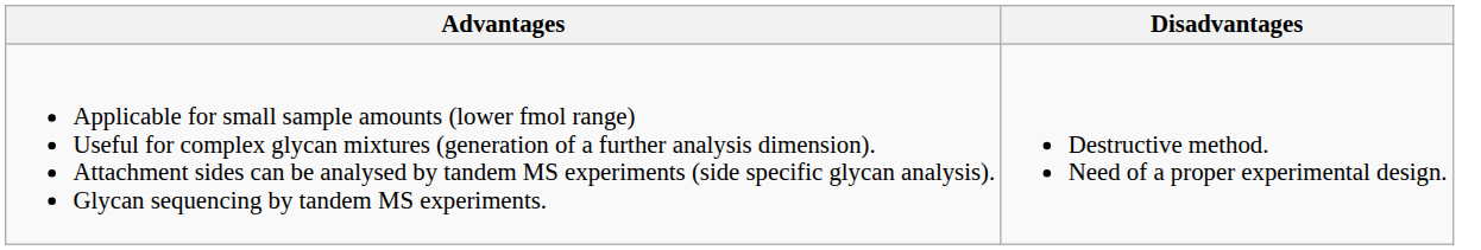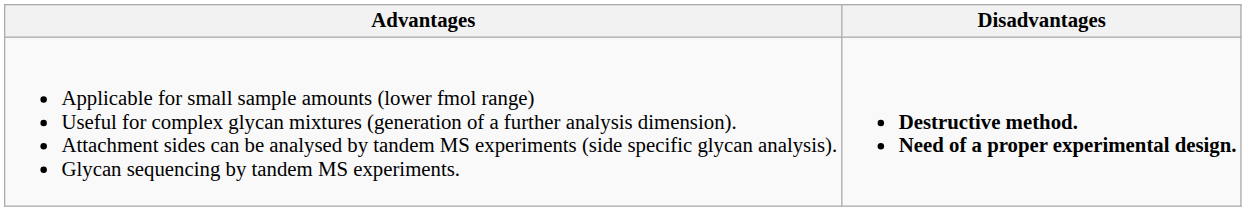 <table class="wikitable" border="1">
 <tr>
 <th><strong>Advantages</strong></th>
 <th><strong>Disadvantages</strong></th>
 </tr>
 <tr>
 <td><br><ul><li>Applicable for small sample amounts (lower fmol range)</li><li>Useful for complex glycan mixtures (generation of a further analysis dimension).</li><li>Attachment sides can be analysed by tandem MS experiments (side specific glycan analysis).</li><li>Glycan sequencing by tandem MS experiments.</li></ul></td>
-<td><br><ul><li>Destructive method.</li><li>Need of a proper experimental design.</li></ul></td>
+<td><strong><br><ul><li>Destructive method.</li><li>Need of a proper experimental design.</li></ul></strong></td>
 </tr>
 </table>
